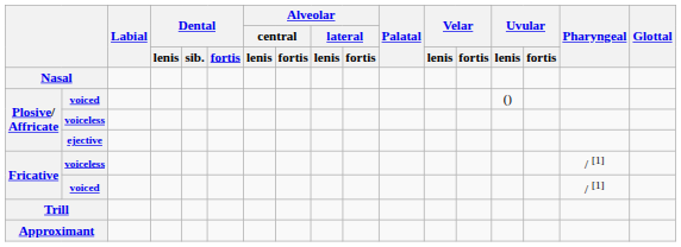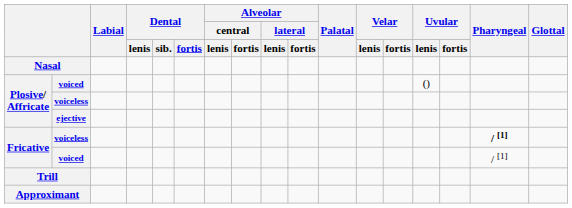 <table class="wikitable" border="1">
 <tr>
 <th colspan="2" rowspan="3"></th>
 <th rowspan="3"><a href='#'>Labial</a></th>
 <th colspan="3" rowspan="2"><a href='#'>Dental</a></th>
 <th colspan="4"><a href='#'>Alveolar</a></th>
 <th rowspan="3"><a href='#'>Palatal</a></th>
 <th colspan="2" rowspan="2"><a href='#'>Velar</a></th>
 <th colspan="2" rowspan="2"><a href='#'>Uvular</a></th>
 <th rowspan="3"><a href='#'>Pharyngeal</a></th>
 <th rowspan="3"><a href='#'>Glottal</a></th>
 </tr>
 <tr align=center class=small>
 <th colspan="2">central</th>
 <th colspan="2"><a href='#'>lateral</a></th>
 </tr>
 <tr align=center class=small>
 <th>lenis</th>
 <th>sib.</th>
 <th><a href='#'>fortis</a></th>
 <th>lenis</th>
 <th>fortis</th>
 <th>lenis</th>
 <th>fortis</th>
 <th>lenis</th>
 <th>fortis</th>
 <th>lenis</th>
 <th>fortis</th>
 </tr>
 <tr align=center>
 <th colspan="2"><a href='#'>Nasal</a></th>
 <td></td>
 <td></td>
 <td></td>
 <td></td>
 <td></td>
 <td></td>
 <td></td>
 <td></td>
 <td></td>
 <td></td>
 <td></td>
 <td></td>
 <td></td>
 <td></td>
 <td></td>
 </tr>
 <tr align=center>
 <th rowspan="3"><a href='#'>Plosive</a>/<br><a href='#'>Affricate</a></th>
 <th><small> <a href='#'>voiced</a></small></th>
 <td></td>
 <td></td>
 <td></td>
 <td></td>
 <td></td>
 <td></td>
 <td></td>
 <td></td>
 <td></td>
 <td></td>
 <td></td>
 <td>()</td>
 <td></td>
 <td></td>
 <td></td>
 </tr>
 <tr align=center>
 <th><small> <a href='#'>voiceless</a></small></th>
 <td></td>
 <td></td>
 <td></td>
 <td></td>
 <td></td>
 <td></td>
 <td></td>
 <td></td>
 <td></td>
 <td></td>
 <td></td>
 <td></td>
 <td></td>
 <td></td>
 <td></td>
 </tr>
 <tr align=center>
 <th><small><a href='#'>ejective</a></small></th>
 <td></td>
 <td></td>
 <td></td>
 <td></td>
 <td></td>
 <td></td>
 <td></td>
 <td></td>
 <td></td>
 <td></td>
 <td></td>
 <td></td>
 <td></td>
 <td></td>
 <td></td>
 </tr>
 <tr align="center">
 <th rowspan="2"><a href='#'>Fricative</a></th>
 <th><small><a href='#'>voiceless</a></small></th>
 <td></td>
 <td></td>
 <td></td>
 <td></td>
 <td></td>
 <td></td>
 <td></td>
 <td></td>
 <td></td>
 <td></td>
 <td></td>
 <td></td>
 <td></td>
-<td>/ <sup>[1]</sup></td>
+<td><strong>/ <sup>[1]</sup></strong></td>
 <td></td>
 </tr>
 <tr align="center">
 <th><small> <a href='#'>voiced</a></small></th>
 <td></td>
 <td></td>
 <td></td>
 <td></td>
 <td></td>
 <td></td>
 <td></td>
 <td></td>
 <td></td>
 <td></td>
 <td></td>
 <td></td>
 <td></td>
 <td>/ <sup>[1]</sup></td>
 <td></td>
 </tr>
 <tr align="center">
 <th colspan="2"><a href='#'>Trill</a></th>
 <td></td>
 <td></td>
 <td></td>
 <td></td>
 <td></td>
 <td></td>
 <td></td>
 <td></td>
 <td></td>
 <td></td>
 <td></td>
 <td></td>
 <td></td>
 <td></td>
 <td></td>
 </tr>
 <tr align="center">
 <th colspan="2"><a href='#'>Approximant</a></th>
 <td></td>
 <td></td>
 <td></td>
 <td></td>
 <td></td>
 <td></td>
 <td></td>
 <td></td>
 <td></td>
 <td></td>
 <td></td>
 <td></td>
 <td></td>
 <td></td>
 <td></td>
 </tr>
 </table>
